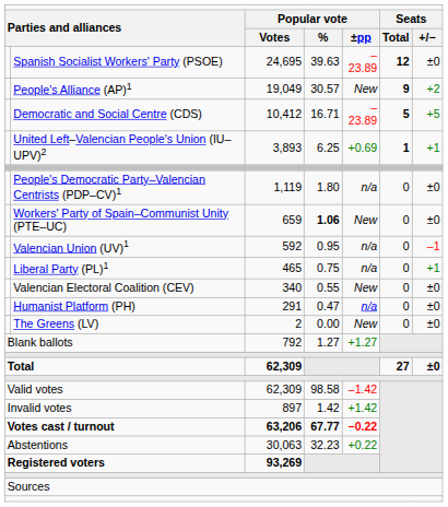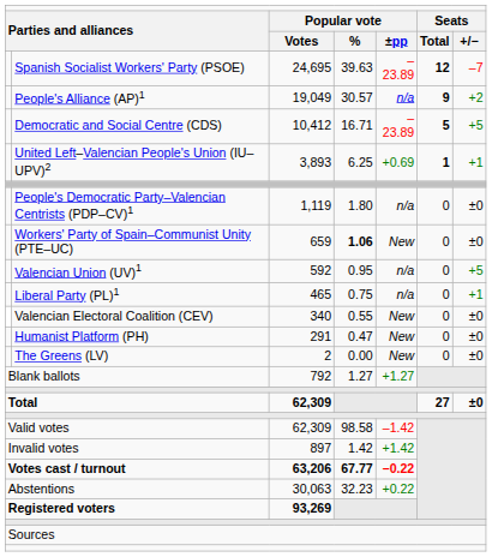 <table class="wikitable" style="text-align:right;">
 <tr>
 <td colspan="7"></td>
 </tr>
 <tr>
 <th style="text-align:left;" rowspan="2" colspan="2" width="525">Parties and alliances</th>
 <th colspan="3">Popular vote</th>
 <th colspan="2">Seats</th>
 </tr>
 <tr>
 <th width="75">Votes</th>
 <th width="45">%</th>
 <th width="45">±<a href='#'>pp</a></th>
 <th width="35">Total</th>
 <th width="35">+/−</th>
 </tr>
 <tr>
 <td width="1" style="color:inherit;background:"></td>
 <td align="left"><a href='#'>Spanish Socialist Workers' Party</a> (PSOE)</td>
 <td>24,695</td>
 <td>39.63</td>
 <td style="color:red;">–23.89</td>
 <td><strong>12</strong></td>
-<td>±0</td>
+<td style="color:red;">–7</td>
 </tr>
 <tr>
 <td style="color:inherit;background:"></td>
 <td align="left"><a href='#'>People's Alliance</a> (AP)<sup>1</sup></td>
 <td>19,049</td>
 <td>30.57</td>
-<td><em>New</em></td>
+<td><em><a href='#'>n/a</a></em></td>
 <td><strong>9</strong></td>
 <td style="color:green;">+2</td>
 </tr>
 <tr>
 <td style="color:inherit;background:"></td>
 <td align="left"><a href='#'>Democratic and Social Centre</a> (CDS)</td>
 <td>10,412</td>
 <td>16.71</td>
 <td style="color:red;">–23.89</td>
 <td><strong>5</strong></td>
 <td style="color:green;">+5</td>
 </tr>
 <tr>
 <td style="color:inherit;background:"></td>
 <td align="left"><a href='#'>United Left</a>–<a href='#'>Valencian People's Union</a> (IU–UPV)<sup>2</sup></td>
 <td>3,893</td>
 <td>6.25</td>
 <td style="color:green;">+0.69</td>
 <td><strong>1</strong></td>
 <td style="color:green;">+1</td>
 </tr>
 <tr>
 <td colspan="7" bgcolor="#C0C0C0"></td>
 </tr>
 <tr>
 <td style="color:inherit;background:"></td>
 <td align="left"><a href='#'>People's Democratic Party–Valencian Centrists</a> (PDP–CV)<sup>1</sup></td>
 <td>1,119</td>
 <td>1.80</td>
 <td><em>n/a</em></td>
 <td>0</td>
 <td>±0</td>
 </tr>
 <tr>
 <td style="color:inherit;background:"></td>
 <td align="left"><a href='#'>Workers' Party of Spain–Communist Unity</a> (PTE–UC)</td>
 <td>659</td>
 <td><strong>1.06</strong></td>
 <td><em>New</em></td>
 <td>0</td>
 <td>±0</td>
 </tr>
 <tr>
 <td style="color:inherit;background:"></td>
 <td align="left"><a href='#'>Valencian Union</a> (UV)<sup>1</sup></td>
 <td>592</td>
 <td>0.95</td>
 <td><em>n/a</em></td>
 <td>0</td>
-<td style="color:red;">–1</td>
+<td style="color:green;">+5</td>
 </tr>
 <tr>
 <td style="color:inherit;background:"></td>
 <td align="left"><a href='#'>Liberal Party</a> (PL)<sup>1</sup></td>
 <td>465</td>
 <td>0.75</td>
 <td><em>n/a</em></td>
 <td>0</td>
 <td style="color:green;">+1</td>
 </tr>
 <tr>
 <td bgcolor="white"></td>
 <td align="left">Valencian Electoral Coalition (CEV)</td>
 <td>340</td>
 <td>0.55</td>
 <td><em>New</em></td>
 <td>0</td>
 <td>±0</td>
 </tr>
 <tr>
 <td style="color:inherit;background:"></td>
 <td align="left"><a href='#'>Humanist Platform</a> (PH)</td>
 <td>291</td>
 <td>0.47</td>
-<td><em><a href='#'>n/a</a></em></td>
+<td><em>New</em></td>
 <td>0</td>
 <td>±0</td>
 </tr>
 <tr>
 <td style="color:inherit;background:"></td>
 <td align="left"><a href='#'>The Greens</a> (LV)</td>
 <td>2</td>
 <td>0.00</td>
 <td><em>New</em></td>
 <td>0</td>
 <td>±0</td>
 </tr>
 <tr>
 <td align="left" colspan="2">Blank ballots</td>
 <td>792</td>
 <td>1.27</td>
 <td style="color:green;">+1.27</td>
 <td bgcolor="#E9E9E9" colspan="2"></td>
 </tr>
 <tr>
 <td colspan="7" bgcolor="#E9E9E9"></td>
 </tr>
 <tr style="font-weight:bold;">
 <td align="left" colspan="2">Total</td>
 <td>62,309</td>
 <td bgcolor="#E9E9E9" colspan="2"></td>
 <td>27</td>
 <td>±0</td>
 </tr>
 <tr>
 <td colspan="7" bgcolor="#E9E9E9"></td>
 </tr>
 <tr>
 <td align="left" colspan="2">Valid votes</td>
 <td>62,309</td>
 <td>98.58</td>
 <td style="color:red;">–1.42</td>
 <td bgcolor="#E9E9E9" colspan="2" rowspan="5"></td>
 </tr>
 <tr>
 <td align="left" colspan="2">Invalid votes</td>
 <td>897</td>
 <td>1.42</td>
 <td style="color:green;">+1.42</td>
 </tr>
 <tr style="font-weight:bold;">
 <td align="left" colspan="2">Votes cast / turnout</td>
 <td>63,206</td>
 <td>67.77</td>
 <td style="color:red;">–0.22</td>
 </tr>
 <tr>
 <td align="left" colspan="2">Abstentions</td>
 <td>30,063</td>
 <td>32.23</td>
 <td style="color:green;">+0.22</td>
 </tr>
 <tr style="font-weight:bold;">
 <td align="left" colspan="2">Registered voters</td>
 <td>93,269</td>
 <td bgcolor="#E9E9E9" colspan="2"></td>
 </tr>
 <tr>
 <td colspan="7" bgcolor="#E9E9E9"></td>
 </tr>
 <tr>
 <td align="left" colspan="7">Sources</td>
 </tr>
 <tr>
 <td colspan="7" style="text-align:left; max-width:790px;"></td>
 </tr>
 </table>
